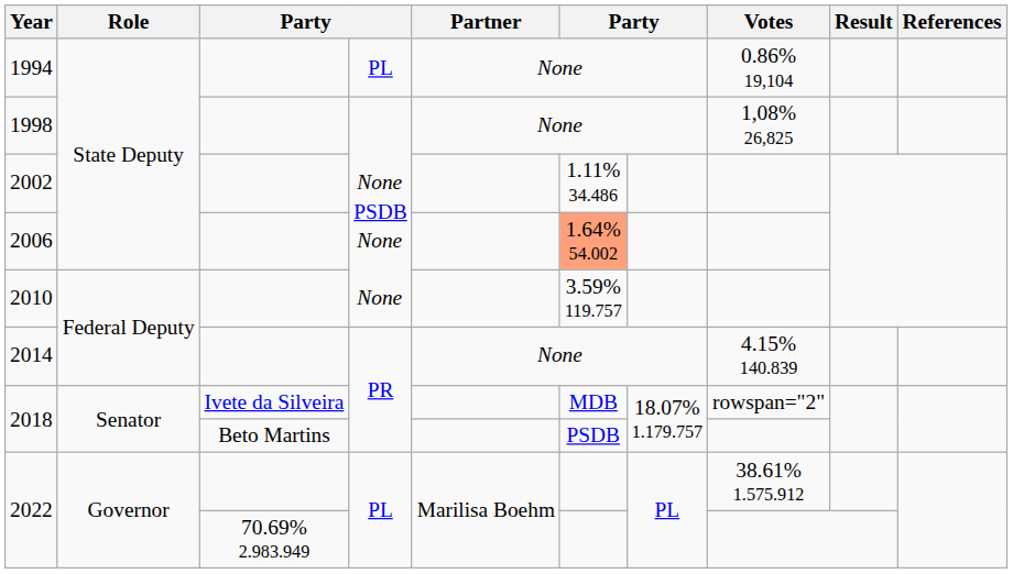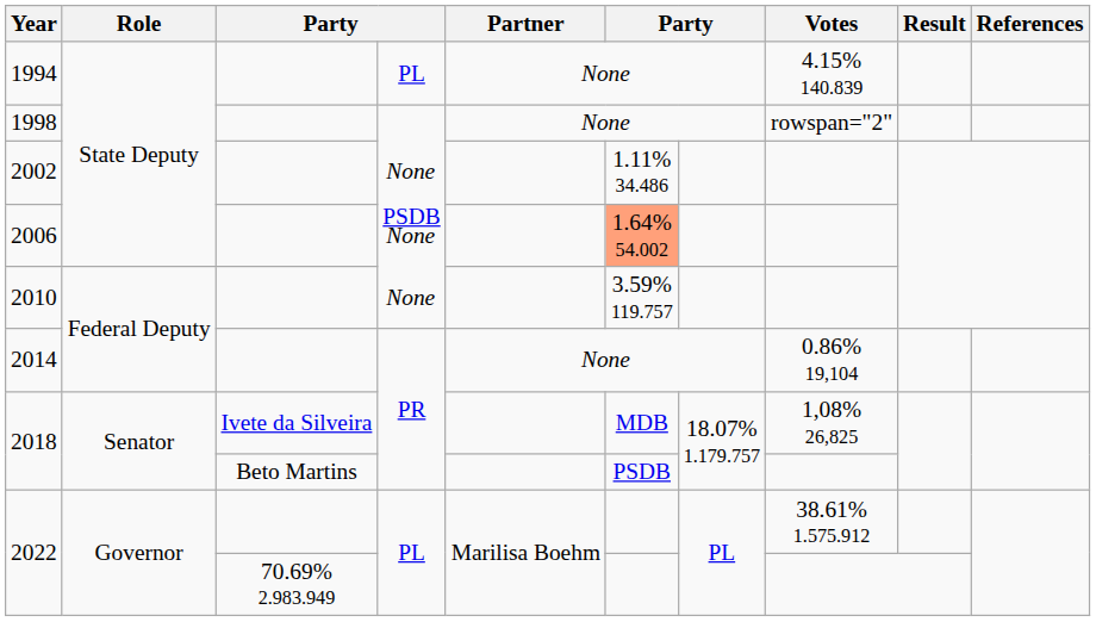 <table class="wikitable" style="text-align:center">
 <tr>
 <th>Year</th>
 <th>Role</th>
 <th colspan="2">Party</th>
 <th>Partner</th>
 <th colspan="2">Party</th>
 <th>Votes</th>
 <th>Result</th>
 <th>References</th>
 </tr>
 <tr>
 <td>1994</td>
 <td rowspan="4">State Deputy</td>
 <td style="background-color:"></td>
 <td><a href='#'>PL</a></td>
 <td colspan="3"><em>None</em></td>
-<td>0.86%<br><small>19,104</small></td>
+<td>4.15%<br><small>140.839</small></td>
 <td></td>
 <td></td>
 </tr>
 <tr>
 <td>1998</td>
 <td style="background-color:"></td>
 <td rowspan="4"><a href='#'>PSDB</a></td>
 <td colspan="3"><em>None</em></td>
-<td>1,08%<br><small>26,825</small></td>
+<td>rowspan="2"  </td>
 <td></td>
 <td></td>
 </tr>
 <tr>
 <td>2002</td>
 <td colspan="3"><em>None</em></td>
 <td>1.11%<br><small>34.486</small></td>
 <td></td>
 <td></td>
 </tr>
 <tr>
 <td>2006</td>
 <td colspan="3"><em>None</em></td>
 <td style="background: lightsalmon;">1.64%<br><small>54.002</small></td>
 <td></td>
 <td></td>
 </tr>
 <tr>
 <td>2010</td>
 <td rowspan="2">Federal Deputy</td>
 <td colspan="3"><em>None</em></td>
 <td>3.59%<br><small>119.757</small></td>
 <td></td>
 <td></td>
 </tr>
 <tr>
 <td>2014</td>
 <td style="background-color:"></td>
 <td rowspan="3"><a href='#'>PR</a></td>
 <td colspan="3"><em>None</em></td>
-<td>4.15%<br><small>140.839</small></td>
+<td>0.86%<br><small>19,104</small></td>
 <td></td>
 <td></td>
 </tr>
 <tr>
 <td rowspan="2">2018</td>
 <td rowspan="2">Senator</td>
 <td><a href='#'>Ivete da Silveira</a></td>
 <td style="background-color:"></td>
 <td><a href='#'>MDB</a></td>
 <td rowspan="2">18.07%<br><small>1.179.757</small></td>
-<td>rowspan="2"  </td>
+<td>1,08%<br><small>26,825</small></td>
 <td rowspan="2"></td>
 </tr>
 <tr>
 <td>Beto Martins</td>
 <td style="background-color:"></td>
 <td><a href='#'>PSDB</a></td>
 </tr>
 <tr>
 <td rowspan="2">2022</td>
 <td rowspan="2">Governor</td>
 <td style="background-color:"></td>
 <td rowspan="2"><a href='#'>PL</a></td>
 <td rowspan="2">Marilisa Boehm</td>
 <td style="background-color:"></td>
 <td rowspan="2"><a href='#'>PL</a></td>
 <td>38.61%<br><small>1.575.912</small></td>
 <td></td>
 <td rowspan="2"></td>
 </tr>
 <tr>
 <td>70.69%<br><small>2.983.949</small></td>
 <td></td>
 </tr>
 </table>
